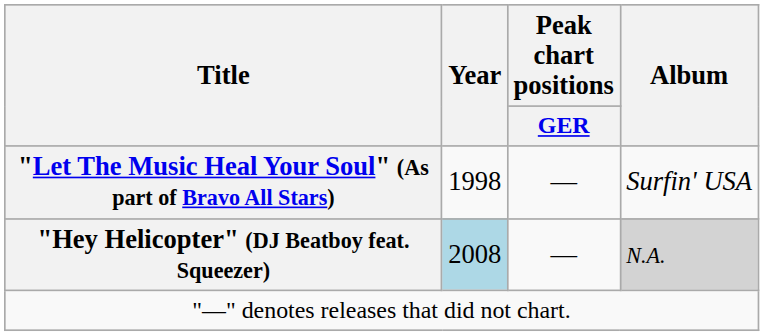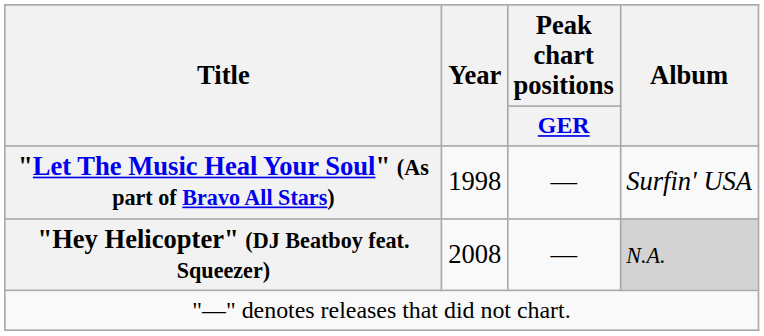 <table class="wikitable plainrowheaders" style="text-align:center;">
 <tr>
 <th scope="col" rowspan="2" style="width:16em;">Title</th>
 <th scope="col" rowspan="2">Year</th>
 <th scope="col" colspan="1">Peak chart positions</th>
 <th scope="col" rowspan="2">Album</th>
 </tr>
 <tr>
 <th style="width:3em;font-size:90%"><a href='#'>GER</a><br></th>
 </tr>
 <tr>
 <th scope="row">"<a href='#'>Let The Music Heal Your Soul</a>" <small>(As part of <a href='#'>Bravo All Stars</a>)</small></th>
 <td rowspan=1>1998</td>
 <td>—</td>
 <td rowspan=1 align="left"><em>Surfin' USA</em></td>
 </tr>
 <tr>
 <th scope="row">"Hey Helicopter" <small>(DJ Beatboy feat. Squeezer)</small></th>
-<td rowspan=1 style="background: lightblue;">2008</td>
+<td rowspan=1>2008</td>
 <td>—</td>
 <td align="left" style="background: lightgrey;"><em><small>N.A.</small></em></td>
 </tr>
 <tr>
 <td colspan="18" style="font-size:90%;">"—" denotes releases that did not chart.</td>
 </tr>
 </table>
